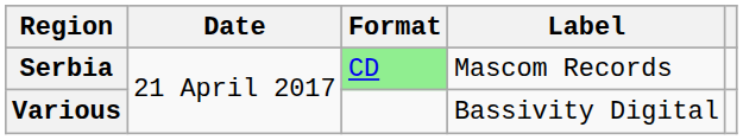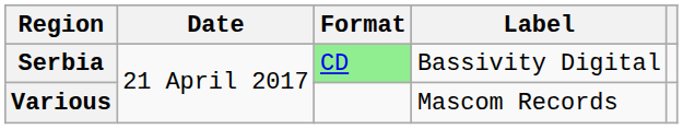 <table class="wikitable plainrowheaders">
 <tr>
 <th scope="col">Region</th>
 <th scope="col">Date</th>
 <th scope="col">Format</th>
 <th scope="col">Label</th>
 <th scope="col"></th>
 </tr>
 <tr>
 <th scope="row">Serbia</th>
 <td rowspan="2">21 April 2017</td>
 <td style="background: lightgreen;"><a href='#'>CD</a></td>
-<td>Mascom Records</td>
+<td>Bassivity Digital</td>
 <td style="text-align:center;"></td>
 </tr>
 <tr>
 <th scope="row">Various</th>
 <td></td>
-<td>Bassivity Digital</td>
+<td>Mascom Records</td>
 <td style="text-align:center;"></td>
 </tr>
 </table>
